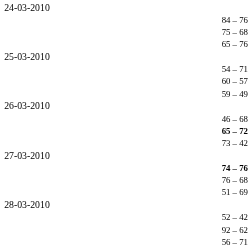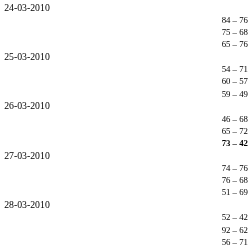 <table width=100% cellspacing=1>
 <tr>
 <th width=25%></th>
 <th width=10%></th>
 <th></th>
 </tr>
 <tr>
 <td>24-03-2010</td>
 </tr>
 <tr style=font-size:90%>
 <td align=right><strong></strong></td>
 <td align=center>84 – 76</td>
 <td></td>
 </tr>
 <tr style=font-size:90%>
 <td align=right><strong></strong></td>
 <td align=center>75 – 68</td>
 <td></td>
 </tr>
 <tr style=font-size:90%>
 <td align=right></td>
 <td align=center>65 – 76</td>
 <td><strong></strong></td>
 </tr>
 <tr>
 <td>25-03-2010</td>
 </tr>
 <tr style=font-size:90%>
 <td align=right></td>
 <td align=center>54 – 71</td>
 <td><strong></strong></td>
 </tr>
 <tr style=font-size:90%>
 <td align=right><strong></strong></td>
 <td align=center>60 – 57</td>
 <td></td>
 </tr>
 <tr style=font-size:90%>
 <td align=right><strong></strong></td>
 <td align=center>59 – 49</td>
 <td></td>
 </tr>
 <tr>
 <td>26-03-2010</td>
 </tr>
 <tr style=font-size:90%>
 <td align=right></td>
 <td align=center>46 – 68</td>
 <td><strong></strong></td>
 </tr>
 <tr style=font-size:90%>
 <td align=right></td>
-<td align=center><strong>65 – 72</strong></td>
+<td align=center>65 – 72</td>
 <td><strong></strong></td>
 </tr>
 <tr style=font-size:90%>
 <td align=right><strong></strong></td>
-<td align=center>73 – 42</td>
+<td align=center><strong>73 – 42</strong></td>
 <td></td>
 </tr>
 <tr>
 <td>27-03-2010</td>
 </tr>
 <tr style=font-size:90%>
 <td align=right></td>
-<td align=center><strong>74 – 76</strong></td>
+<td align=center>74 – 76</td>
 <td><strong></strong></td>
 </tr>
 <tr style=font-size:90%>
 <td align=right><strong></strong></td>
 <td align=center>76 – 68</td>
 <td></td>
 </tr>
 <tr style=font-size:90%>
 <td align=right></td>
 <td align=center>51 – 69</td>
 <td><strong></strong></td>
 </tr>
 <tr>
 <td>28-03-2010</td>
 </tr>
 <tr style=font-size:90%>
 <td align=right><strong></strong></td>
 <td align=center>52 – 42</td>
 <td></td>
 </tr>
 <tr style=font-size:90%>
 <td align=right><strong></strong></td>
 <td align=center>92 – 62</td>
 <td></td>
 </tr>
 <tr style=font-size:90%>
 <td align=right></td>
 <td align=center>56 – 71</td>
 <td><strong></strong></td>
 </tr>
 </table>
